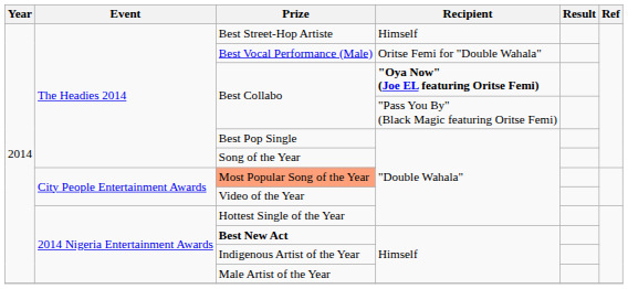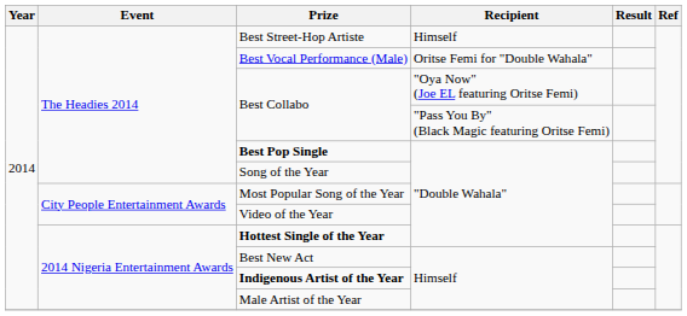 <table class ="wikitable">
 <tr>
 <th>Year</th>
 <th>Event</th>
 <th>Prize</th>
 <th>Recipient</th>
 <th>Result</th>
 <th>Ref</th>
 </tr>
 <tr>
 <td rowspan="12">2014</td>
 <td rowspan="6"><a href='#'>The Headies 2014</a></td>
 <td>Best Street-Hop Artiste</td>
 <td>Himself</td>
 <td></td>
 <td rowspan="6"></td>
 </tr>
 <tr>
 <td><a href='#'>Best Vocal Performance (Male)</a></td>
 <td>Oritse Femi for "Double Wahala"</td>
 <td></td>
 </tr>
 <tr>
 <td rowspan="2">Best Collabo</td>
-<td><strong>"Oya Now" <br><span>(<a href='#'>Joe EL</a> featuring Oritse Femi)</span></strong></td>
+<td>"Oya Now" <br><span>(<a href='#'>Joe EL</a> featuring Oritse Femi)</span></td>
 <td></td>
 </tr>
 <tr>
 <td>"Pass You By" <br><span>(Black Magic featuring Oritse Femi)</span></td>
 <td></td>
 </tr>
 <tr>
-<td>Best Pop Single</td>
+<td><strong>Best Pop Single</strong></td>
 <td rowspan="5">"Double Wahala"</td>
 <td></td>
 </tr>
 <tr>
 <td>Song of the Year</td>
 <td></td>
 </tr>
 <tr>
 <td rowspan="2"><a href='#'>City People Entertainment Awards</a></td>
-<td style="background: lightsalmon;">Most Popular Song of the Year</td>
+<td>Most Popular Song of the Year</td>
 <td></td>
 <td rowspan="2"></td>
 </tr>
 <tr>
 <td>Video of the Year</td>
 <td></td>
 </tr>
 <tr>
 <td rowspan="4"><a href='#'>2014 Nigeria Entertainment Awards</a></td>
-<td>Hottest Single of the Year</td>
+<td><strong>Hottest Single of the Year</strong></td>
 <td></td>
 <td rowspan="4"></td>
 </tr>
 <tr>
-<td><strong>Best New Act</strong></td>
+<td>Best New Act</td>
 <td rowspan="3">Himself</td>
 <td></td>
 </tr>
 <tr>
-<td>Indigenous Artist of the Year</td>
+<td><strong>Indigenous Artist of the Year</strong></td>
 <td></td>
 </tr>
 <tr>
 <td>Male Artist of the Year</td>
 <td></td>
 </tr>
 <tr>
 </tr>
 </table>
